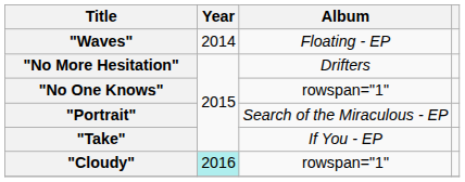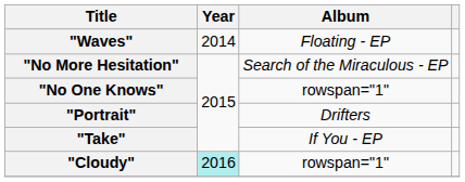 <table class="wikitable plainrowheaders" style="text-align:center;">
 <tr>
 <th scope="col" style="width:12em;">Title</th>
 <th scope="col">Year</th>
 <th scope="col">Album</th>
 <th scope="col"></th>
 </tr>
 <tr>
 <th scope="row">"Waves"<br></th>
 <td rowspan="1">2014</td>
 <td rowspan="1"><em>Floating - EP</em></td>
 <td rowspan="1"></td>
 </tr>
 <tr>
 <th scope="row">"No More Hesitation"<br></th>
 <td rowspan="4">2015</td>
-<td rowspan="1"><em>Drifters</em></td>
+<td rowspan="1"><em>Search of the Miraculous - EP</em></td>
 <td rowspan="1"></td>
 </tr>
 <tr>
 <th scope="row">"No One Knows"<br></th>
 <td>rowspan="1" </td>
 <td rowspan="1"></td>
 </tr>
 <tr>
 <th scope="row">"Portrait"<br></th>
-<td rowspan="1"><em>Search of the Miraculous - EP</em></td>
+<td rowspan="1"><em>Drifters</em></td>
 <td rowspan="1"></td>
 </tr>
 <tr>
 <th scope="row">"Take"<br></th>
 <td rowspan="1"><em>If You - EP</em></td>
 <td rowspan="1"></td>
 </tr>
 <tr>
 <th scope="row">"Cloudy"<br></th>
 <td rowspan="1" style="background: paleturquoise;">2016</td>
 <td>rowspan="1" </td>
 <td rowspan="1"></td>
 </tr>
 <tr>
 </tr>
 </table>
